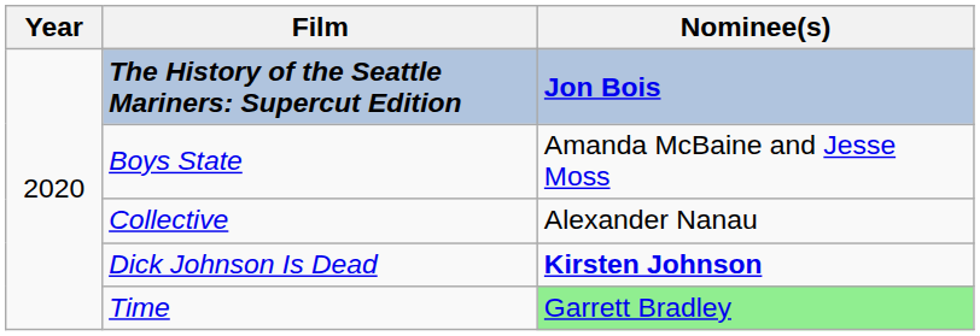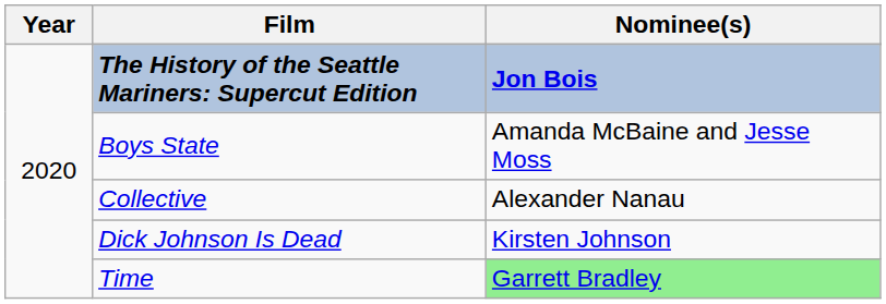 <table class="wikitable" width="90%"="wikitable" width="90%">
 <tr>
 <th width="10%">Year</th>
 <th width="45%">Film</th>
 <th width="45%">Nominee(s)</th>
 </tr>
 <tr>
 <td rowspan="6" align="center">2020</td>
 </tr>
 <tr style="background:#B0C4DE">
 <td><strong><em>The History of the Seattle Mariners: Supercut Edition</em></strong></td>
 <td><strong><a href='#'>Jon Bois</a></strong></td>
 </tr>
 <tr>
 <td><em><a href='#'>Boys State</a></em></td>
 <td>Amanda McBaine and <a href='#'>Jesse Moss</a></td>
 </tr>
 <tr>
 <td><em><a href='#'>Collective</a></em></td>
 <td>Alexander Nanau</td>
 </tr>
 <tr>
 <td><em><a href='#'>Dick Johnson Is Dead</a></em></td>
-<td><strong><a href='#'>Kirsten Johnson</a></strong></td>
+<td><a href='#'>Kirsten Johnson</a></td>
 </tr>
 <tr>
 <td><em><a href='#'>Time</a></em></td>
 <td style="background: lightgreen;"><a href='#'>Garrett Bradley</a></td>
 </tr>
 </table>
